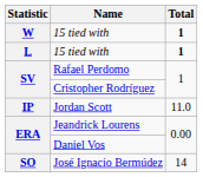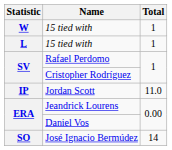 <table class="wikitable">
 <tr>
 <th scope="col">Statistic</th>
 <th scope="col">Name</th>
 <th scope="col">Total</th>
 </tr>
 <tr>
 <th scope="row" style="text-align:center;"><a href='#'>W</a></th>
 <td><em>15 tied with</em></td>
-<td align=center><strong>1</strong></td>
+<td align=center>1</td>
 </tr>
 <tr>
 <th scope="row" style="text-align:center;"><a href='#'>L</a></th>
 <td><em>15 tied with</em></td>
-<td align=center><strong>1</strong></td>
+<td align=center>1</td>
 </tr>
 <tr>
 <th scope="row" style="text-align:center;" rowspan=2><a href='#'>SV</a></th>
 <td> <a href='#'>Rafael Perdomo</a></td>
 <td rowspan=2 align=center>1</td>
 </tr>
 <tr>
 <td> <a href='#'>Cristopher Rodríguez</a></td>
 </tr>
 <tr>
 <th scope="row" style="text-align:center;"><a href='#'>IP</a></th>
 <td> <a href='#'>Jordan Scott</a></td>
 <td align=center>11.0</td>
 </tr>
 <tr>
 <th scope="row" style="text-align:center;" rowspan=2><a href='#'>ERA</a></th>
 <td> <a href='#'>Jeandrick Lourens</a></td>
 <td align=center rowspan=2>0.00</td>
 </tr>
 <tr>
 <td> <a href='#'>Daniel Vos</a></td>
 </tr>
 <tr>
 <th scope="row" style="text-align:center;"><a href='#'>SO</a></th>
 <td> <a href='#'>José Ignacio Bermúdez</a></td>
 <td align=center>14</td>
 </tr>
 </table>
